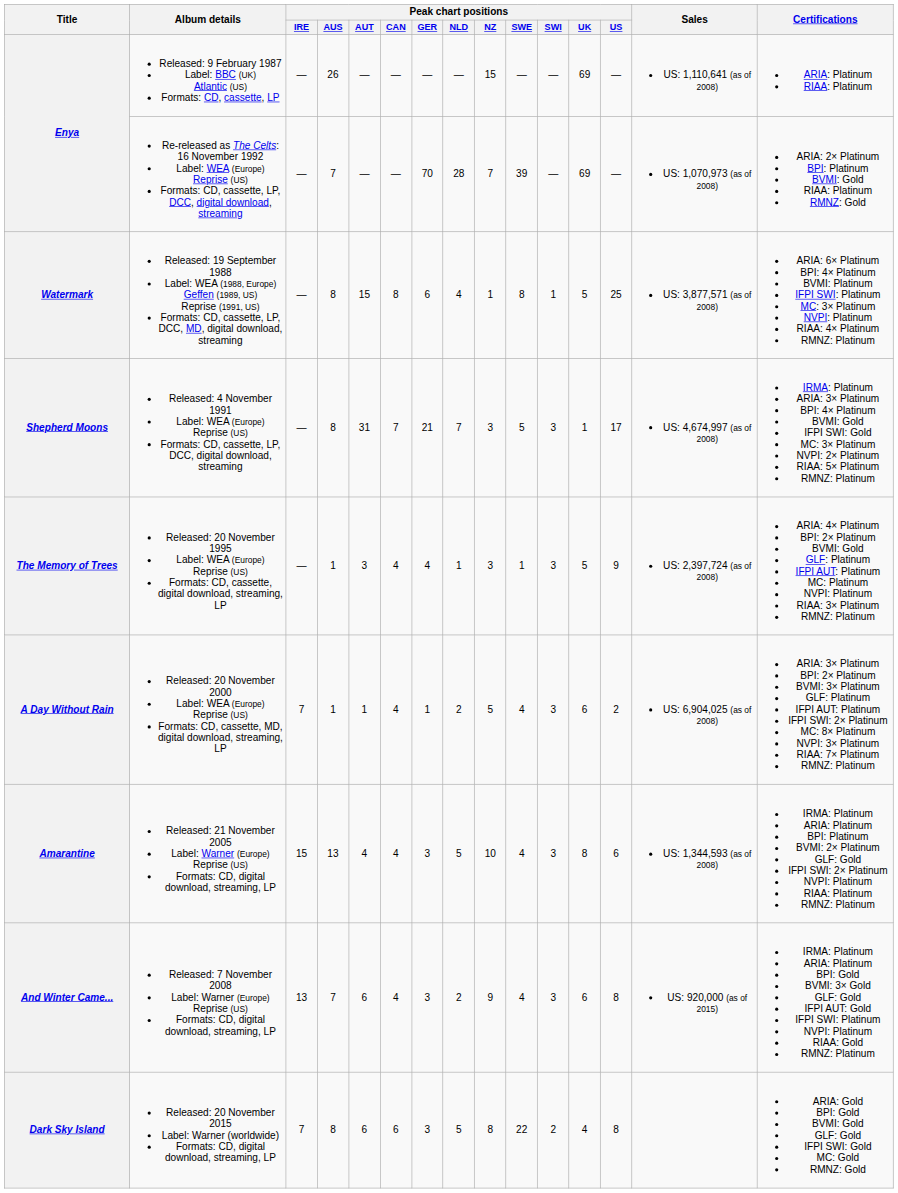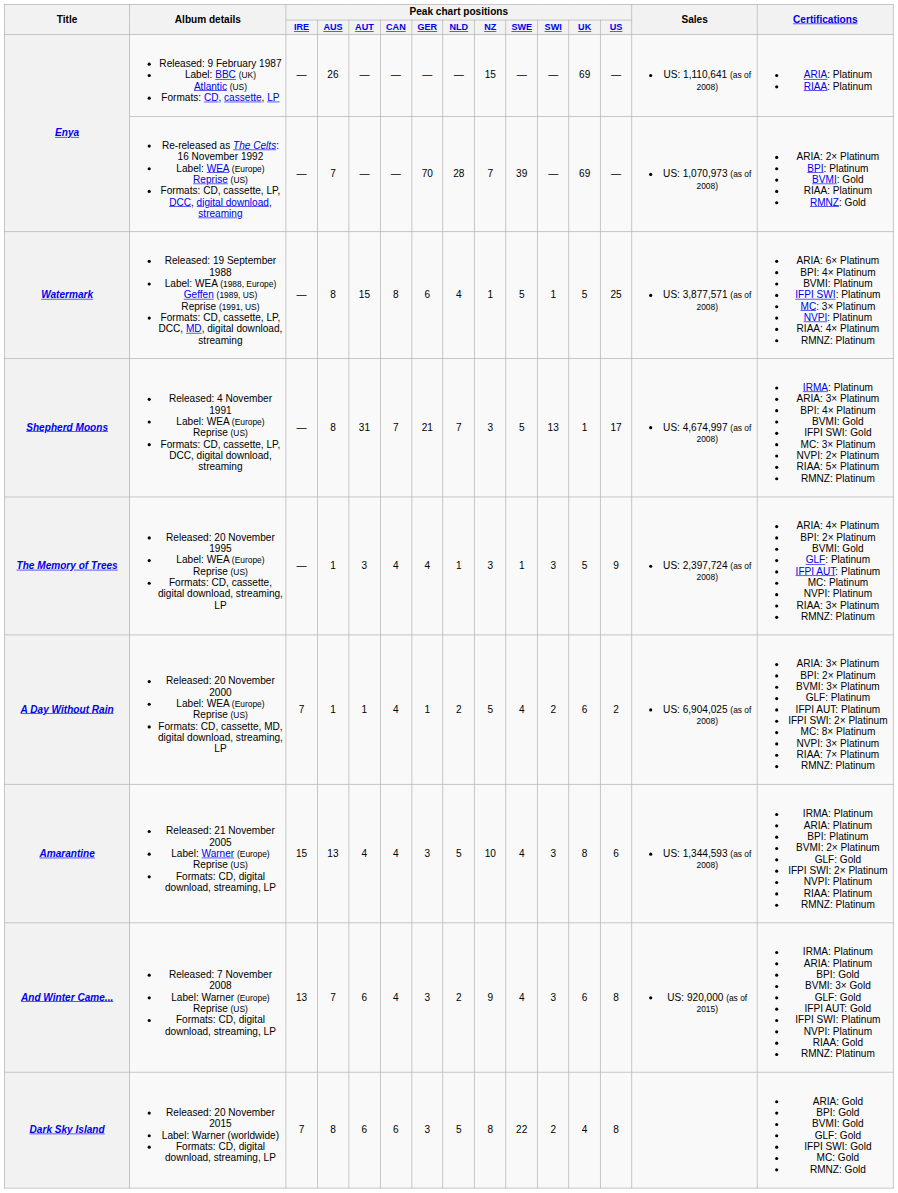 <table class="wikitable plainrowheaders" style="text-align:center;" border="1">
 <tr>
 <th scope="col" rowspan="2" style="width:12em;">Title</th>
 <th scope="col" rowspan="2" style="width:15em;">Album details</th>
 <th scope="col" colspan="11">Peak chart positions</th>
 <th scope="col" rowspan="2" style="width:12em;">Sales</th>
 <th scope="col" rowspan="2" style="width:13em;"><a href='#'>Certifications</a></th>
 </tr>
 <tr>
 <th scope="col" style="width:3em;font-size:90%;"><a href='#'>IRE</a><br></th>
 <th scope="col" style="width:3em;font-size:90%;"><a href='#'>AUS</a><br></th>
 <th scope="col" style="width:3em;font-size:90%;"><a href='#'>AUT</a><br></th>
 <th scope="col" style="width:3em;font-size:90%;"><a href='#'>CAN</a><br></th>
 <th scope="col" style="width:3em;font-size:90%;"><a href='#'>GER</a><br></th>
 <th scope="col" style="width:3em;font-size:90%;"><a href='#'>NLD</a><br></th>
 <th scope="col" style="width:3em;font-size:90%;"><a href='#'>NZ</a><br></th>
 <th scope="col" style="width:3em;font-size:90%;"><a href='#'>SWE</a><br></th>
 <th scope="col" style="width:3em;font-size:90%;"><a href='#'>SWI</a><br></th>
 <th scope="col" style="width:3em;font-size:90%;"><a href='#'>UK</a><br></th>
 <th scope="col" style="width:3em;font-size:90%;"><a href='#'>US</a><br></th>
 </tr>
 <tr>
 <th rowspan="2" scope="row"><em><a href='#'>Enya</a></em></th>
 <td><br><ul><li>Released: 9 February 1987</li><li>Label: <a href='#'>BBC</a> <small>(UK)</small><br> <a href='#'>Atlantic</a> <small>(US)</small></li><li>Formats: <a href='#'>CD</a>, <a href='#'>cassette</a>, <a href='#'>LP</a></li></ul></td>
 <td>—</td>
 <td>26</td>
 <td>—</td>
 <td>—</td>
 <td>—</td>
 <td>—</td>
 <td>15</td>
 <td>—</td>
 <td>—</td>
 <td>69</td>
 <td>—</td>
 <td><br><ul><li>US: 1,110,641 <small>(as of 2008)</small></li></ul></td>
 <td><br><ul><li><a href='#'>ARIA</a>: Platinum</li><li><a href='#'>RIAA</a>: Platinum</li></ul></td>
 </tr>
 <tr>
 <td><br><ul><li>Re-released as <em><a href='#'>The Celts</a></em>: 16 November 1992</li><li>Label: <a href='#'>WEA</a> <small>(Europe)</small><br> <a href='#'>Reprise</a> <small>(US)</small></li><li>Formats: CD, cassette, LP, <a href='#'>DCC</a>, <a href='#'>digital download</a>, <a href='#'>streaming</a></li></ul></td>
 <td>—</td>
 <td>7</td>
 <td>—</td>
 <td>—</td>
 <td>70</td>
 <td>28</td>
 <td>7</td>
 <td>39</td>
 <td>—</td>
 <td>69</td>
 <td>—</td>
 <td><br><ul><li>US: 1,070,973 <small>(as of 2008)</small></li></ul></td>
 <td><br><ul><li>ARIA: 2× Platinum</li><li><a href='#'>BPI</a>: Platinum</li><li><a href='#'>BVMI</a>: Gold</li><li>RIAA: Platinum</li><li><a href='#'>RMNZ</a>: Gold</li></ul></td>
 </tr>
 <tr>
 <th scope="row"><em><a href='#'>Watermark</a></em></th>
 <td><br><ul><li>Released: 19 September 1988</li><li>Label: WEA <small>(1988, Europe) </small><br> <a href='#'>Geffen</a> <small>(1989, US) </small><br> Reprise <small>(1991, US)</small></li><li>Formats: CD, cassette, LP, DCC, <a href='#'>MD</a>, digital download, streaming</li></ul></td>
 <td>—</td>
 <td>8</td>
 <td>15</td>
 <td>8</td>
 <td>6</td>
 <td>4</td>
 <td>1</td>
-<td>8</td>
+<td>5</td>
 <td>1</td>
 <td>5</td>
 <td>25</td>
 <td><br><ul><li>US: 3,877,571 <small>(as of 2008)</small></li></ul></td>
 <td><br><ul><li>ARIA: 6× Platinum</li><li>BPI: 4× Platinum</li><li>BVMI: Platinum</li><li><a href='#'>IFPI SWI</a>: Platinum</li><li><a href='#'>MC</a>: 3× Platinum</li><li><a href='#'>NVPI</a>: Platinum</li><li>RIAA: 4× Platinum</li><li>RMNZ: Platinum</li></ul></td>
 </tr>
 <tr>
 <th scope="row"><em><a href='#'>Shepherd Moons</a></em></th>
 <td><br><ul><li>Released: 4 November 1991</li><li>Label: WEA <small>(Europe)</small><br> Reprise <small>(US)</small></li><li>Formats: CD, cassette, LP, DCC, digital download, streaming</li></ul></td>
 <td>—</td>
 <td>8</td>
 <td>31</td>
 <td>7</td>
 <td>21</td>
 <td>7</td>
 <td>3</td>
 <td>5</td>
-<td>3</td>
+<td>13</td>
 <td>1</td>
 <td>17</td>
 <td><br><ul><li>US: 4,674,997 <small>(as of 2008)</small></li></ul></td>
 <td><br><ul><li><a href='#'>IRMA</a>: Platinum</li><li>ARIA: 3× Platinum</li><li>BPI: 4× Platinum</li><li>BVMI: Gold</li><li>IFPI SWI: Gold</li><li>MC: 3× Platinum</li><li>NVPI: 2× Platinum</li><li>RIAA: 5× Platinum</li><li>RMNZ: Platinum</li></ul></td>
 </tr>
 <tr>
 <th scope="row"><em><a href='#'>The Memory of Trees</a></em></th>
 <td><br><ul><li>Released: 20 November 1995</li><li>Label: WEA <small>(Europe)</small><br> Reprise <small>(US)</small></li><li>Formats: CD, cassette, digital download, streaming, LP</li></ul></td>
 <td>—</td>
 <td>1</td>
 <td>3</td>
 <td>4</td>
 <td>4</td>
 <td>1</td>
 <td>3</td>
 <td>1</td>
 <td>3</td>
 <td>5</td>
 <td>9</td>
 <td><br><ul><li>US: 2,397,724 <small>(as of 2008)</small></li></ul></td>
 <td><br><ul><li>ARIA: 4× Platinum</li><li>BPI: 2× Platinum</li><li>BVMI: Gold</li><li><a href='#'>GLF</a>: Platinum</li><li><a href='#'>IFPI AUT</a>: Platinum</li><li>MC: Platinum</li><li>NVPI: Platinum</li><li>RIAA: 3× Platinum</li><li>RMNZ: Platinum</li></ul></td>
 </tr>
 <tr>
 <th scope="row"><em><a href='#'>A Day Without Rain</a></em></th>
 <td><br><ul><li>Released: 20 November 2000</li><li>Label: WEA <small>(Europe)</small><br> Reprise <small>(US)</small></li><li>Formats: CD, cassette, MD, digital download, streaming, LP</li></ul></td>
 <td>7</td>
 <td>1</td>
 <td>1</td>
 <td>4</td>
 <td>1</td>
 <td>2</td>
 <td>5</td>
 <td>4</td>
-<td>3</td>
+<td>2</td>
 <td>6</td>
 <td>2</td>
 <td><br><ul><li>US: 6,904,025 <small>(as of 2008)</small></li></ul></td>
 <td><br><ul><li>ARIA: 3× Platinum</li><li>BPI: 2× Platinum</li><li>BVMI: 3× Platinum</li><li>GLF: Platinum</li><li>IFPI AUT: Platinum</li><li>IFPI SWI: 2× Platinum</li><li>MC: 8× Platinum</li><li>NVPI: 3× Platinum</li><li>RIAA: 7× Platinum</li><li>RMNZ: Platinum</li></ul></td>
 </tr>
 <tr>
 <th scope="row"><em><a href='#'>Amarantine</a></em></th>
 <td><br><ul><li>Released: 21 November 2005</li><li>Label: <a href='#'>Warner</a> <small>(Europe)</small><br> Reprise <small>(US)</small></li><li>Formats: CD, digital download, streaming, LP</li></ul></td>
 <td>15</td>
 <td>13</td>
 <td>4</td>
 <td>4</td>
 <td>3</td>
 <td>5</td>
 <td>10</td>
 <td>4</td>
 <td>3</td>
 <td>8</td>
 <td>6</td>
 <td><br><ul><li>US: 1,344,593 <small>(as of 2008)</small></li></ul></td>
 <td><br><ul><li>IRMA: Platinum</li><li>ARIA: Platinum</li><li>BPI: Platinum</li><li>BVMI: 2× Platinum</li><li>GLF: Gold</li><li>IFPI SWI: 2× Platinum</li><li>NVPI: Platinum</li><li>RIAA: Platinum</li><li>RMNZ: Platinum</li></ul></td>
 </tr>
 <tr>
 <th scope="row"><em><a href='#'>And Winter Came...</a></em></th>
 <td><br><ul><li>Released: 7 November 2008</li><li>Label: Warner <small>(Europe)</small><br> Reprise <small>(US)</small></li><li>Formats: CD, digital download, streaming, LP</li></ul></td>
 <td>13</td>
 <td>7</td>
 <td>6</td>
 <td>4</td>
 <td>3</td>
 <td>2</td>
 <td>9</td>
 <td>4</td>
 <td>3</td>
 <td>6</td>
 <td>8</td>
 <td><br><ul><li>US: 920,000 <small>(as of 2015)</small></li></ul></td>
 <td><br><ul><li>IRMA: Platinum</li><li>ARIA: Platinum</li><li>BPI: Gold</li><li>BVMI: 3× Gold</li><li>GLF: Gold</li><li>IFPI AUT: Gold</li><li>IFPI SWI: Platinum</li><li>NVPI: Platinum</li><li>RIAA: Gold</li><li>RMNZ: Platinum</li></ul></td>
 </tr>
 <tr>
 <th scope="row"><em><a href='#'>Dark Sky Island</a></em></th>
 <td><br><ul><li>Released: 20 November 2015</li><li>Label: Warner (worldwide)</li><li>Formats: CD, digital download, streaming, LP</li></ul></td>
 <td>7</td>
 <td>8</td>
 <td>6</td>
 <td>6</td>
 <td>3</td>
 <td>5</td>
 <td>8</td>
 <td>22</td>
 <td>2</td>
 <td>4</td>
 <td>8</td>
 <td></td>
 <td><br><ul><li>ARIA: Gold</li><li>BPI: Gold</li><li>BVMI: Gold</li><li>GLF: Gold</li><li>IFPI SWI: Gold</li><li>MC: Gold</li><li>RMNZ: Gold</li></ul></td>
 </tr>
 </table>
